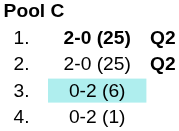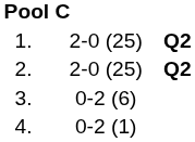 <table style="text-align:center">
 <tr>
 <td colspan=4 align=left><strong>Pool C</strong></td>
 </tr>
 <tr>
 <td width=30>1.</td>
 <td align=left></td>
-<td width=80><strong>2-0 (25)</strong></td>
+<td width=80>2-0 (25)</td>
 <td><strong>Q2</strong></td>
 </tr>
 <tr>
 <td>2.</td>
 <td align=left></td>
 <td>2-0 (25)</td>
 <td><strong>Q2</strong></td>
 </tr>
 <tr>
 <td>3.</td>
 <td align=left></td>
-<td style="background: paleturquoise;">0-2 (6)</td>
+<td>0-2 (6)</td>
 <td></td>
 </tr>
 <tr>
 <td>4.</td>
 <td align=left></td>
 <td>0-2 (1)</td>
 <td></td>
 </tr>
 </table>
